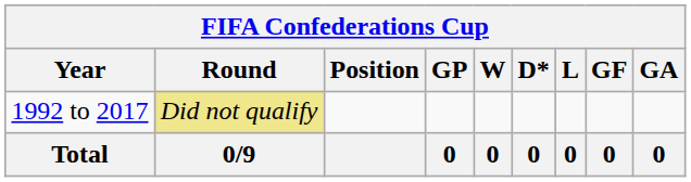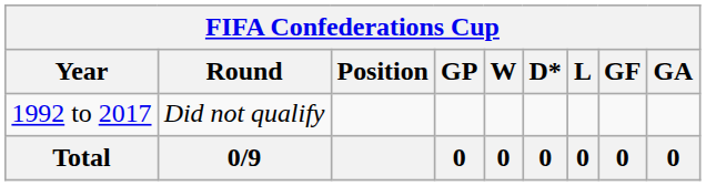 <table class="wikitable" style="text-align: center; font-size:90%;">
 <tr>
 <th colspan="9" align=center><a href='#'>FIFA Confederations Cup</a></th>
 </tr>
 <tr>
 <th>Year</th>
 <th>Round</th>
 <th>Position</th>
 <th>GP</th>
 <th>W</th>
 <th>D*</th>
 <th>L</th>
 <th>GF</th>
 <th>GA</th>
 </tr>
 <tr>
 <td><a href='#'>1992</a> to <a href='#'>2017</a></td>
-<td style="background: khaki;"><em>Did not qualify</em></td>
+<td><em>Did not qualify</em></td>
 <td></td>
 <td></td>
 <td></td>
 <td></td>
 <td></td>
 <td></td>
 <td></td>
 </tr>
 <tr class="sortbottom">
 <th>Total</th>
 <th>0/9</th>
 <th></th>
 <th>0</th>
 <th>0</th>
 <th>0</th>
 <th>0</th>
 <th>0</th>
 <th>0</th>
 </tr>
 </table>
